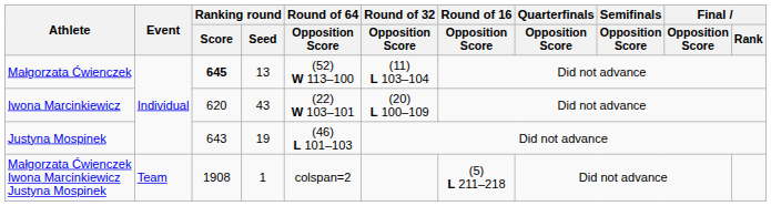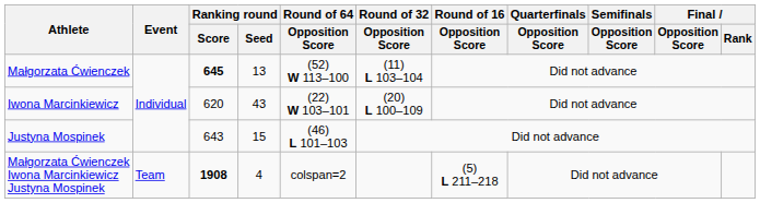 <table class="wikitable" style="font-size:90%">
 <tr>
 <th rowspan="2">Athlete</th>
 <th rowspan="2">Event</th>
 <th colspan="2">Ranking round</th>
 <th>Round of 64</th>
 <th>Round of 32</th>
 <th>Round of 16</th>
 <th>Quarterfinals</th>
 <th>Semifinals</th>
 <th colspan="2">Final / </th>
 </tr>
 <tr style="font-size:95%">
 <th>Score</th>
 <th>Seed</th>
 <th>Opposition<br>Score</th>
 <th>Opposition<br>Score</th>
 <th>Opposition<br>Score</th>
 <th>Opposition<br>Score</th>
 <th>Opposition<br>Score</th>
 <th>Opposition<br>Score</th>
 <th>Rank</th>
 </tr>
 <tr align=center>
 <td align=left><a href='#'>Małgorzata Ćwienczek</a></td>
 <td align=left rowspan=3><a href='#'>Individual</a></td>
 <td><strong>645</strong></td>
 <td>13</td>
 <td> (52)<br><strong>W</strong> 113–100</td>
 <td> (11)<br><strong>L</strong> 103–104</td>
 <td colspan=5>Did not advance</td>
 </tr>
 <tr align=center>
 <td align=left><a href='#'>Iwona Marcinkiewicz</a></td>
 <td>620</td>
 <td>43</td>
 <td> (22)<br><strong>W</strong> 103–101</td>
 <td> (20)<br><strong>L</strong> 100–109</td>
 <td colspan=5>Did not advance</td>
 </tr>
 <tr align=center>
 <td align=left><a href='#'>Justyna Mospinek</a></td>
 <td>643</td>
-<td>19</td>
+<td>15</td>
 <td> (46)<br><strong>L</strong> 101–103</td>
 <td colspan=6>Did not advance</td>
 </tr>
 <tr align=center>
 <td align=left><a href='#'>Małgorzata Ćwienczek</a><br><a href='#'>Iwona Marcinkiewicz</a><br><a href='#'>Justyna Mospinek</a></td>
 <td align=left><a href='#'>Team</a></td>
-<td>1908</td>
-<td>1</td>
+<td><strong>1908</strong></td>
+<td>4</td>
 <td>colspan=2 </td>
 <td></td>
 <td> (5)<br><strong>L</strong> 211–218</td>
 <td colspan=3>Did not advance</td>
 </tr>
 </table>
